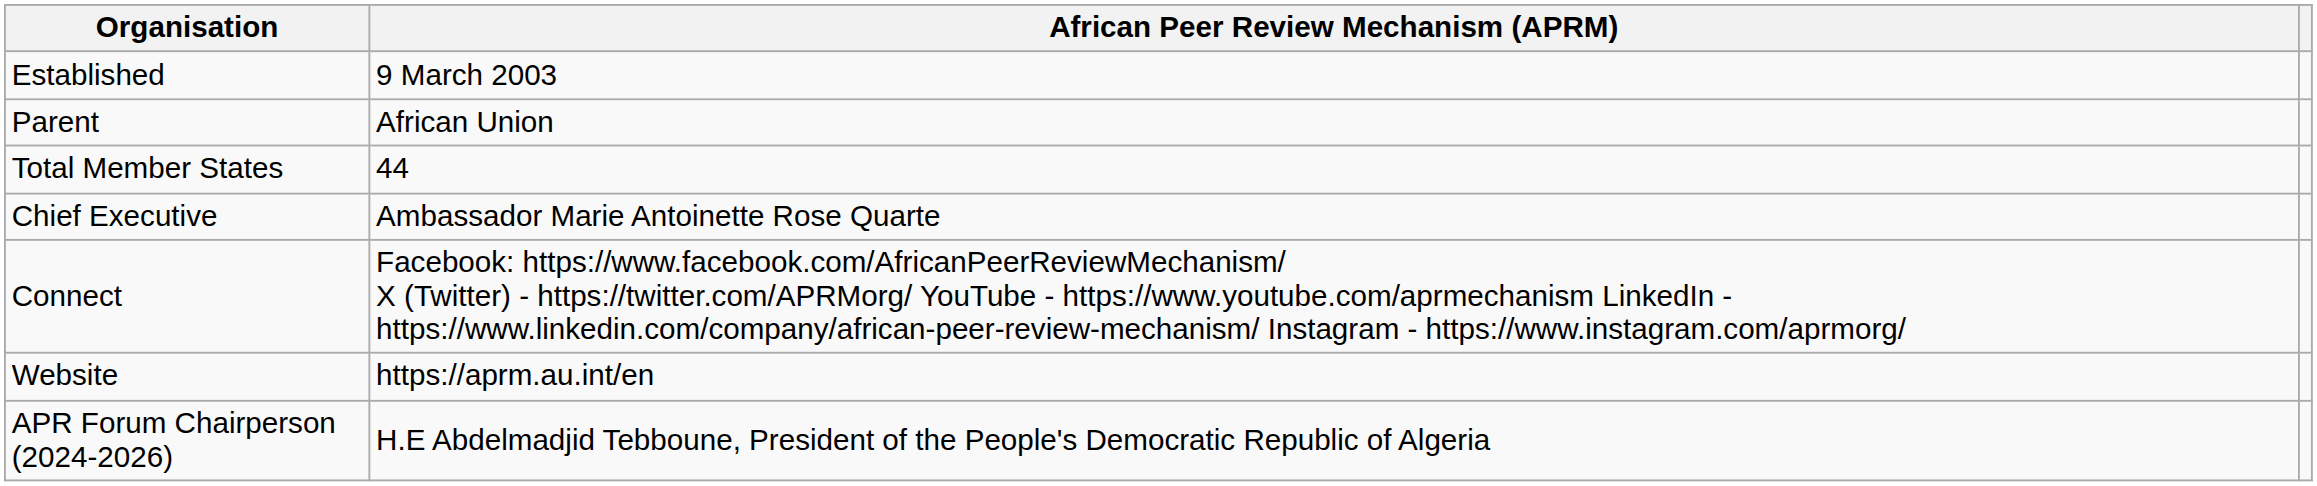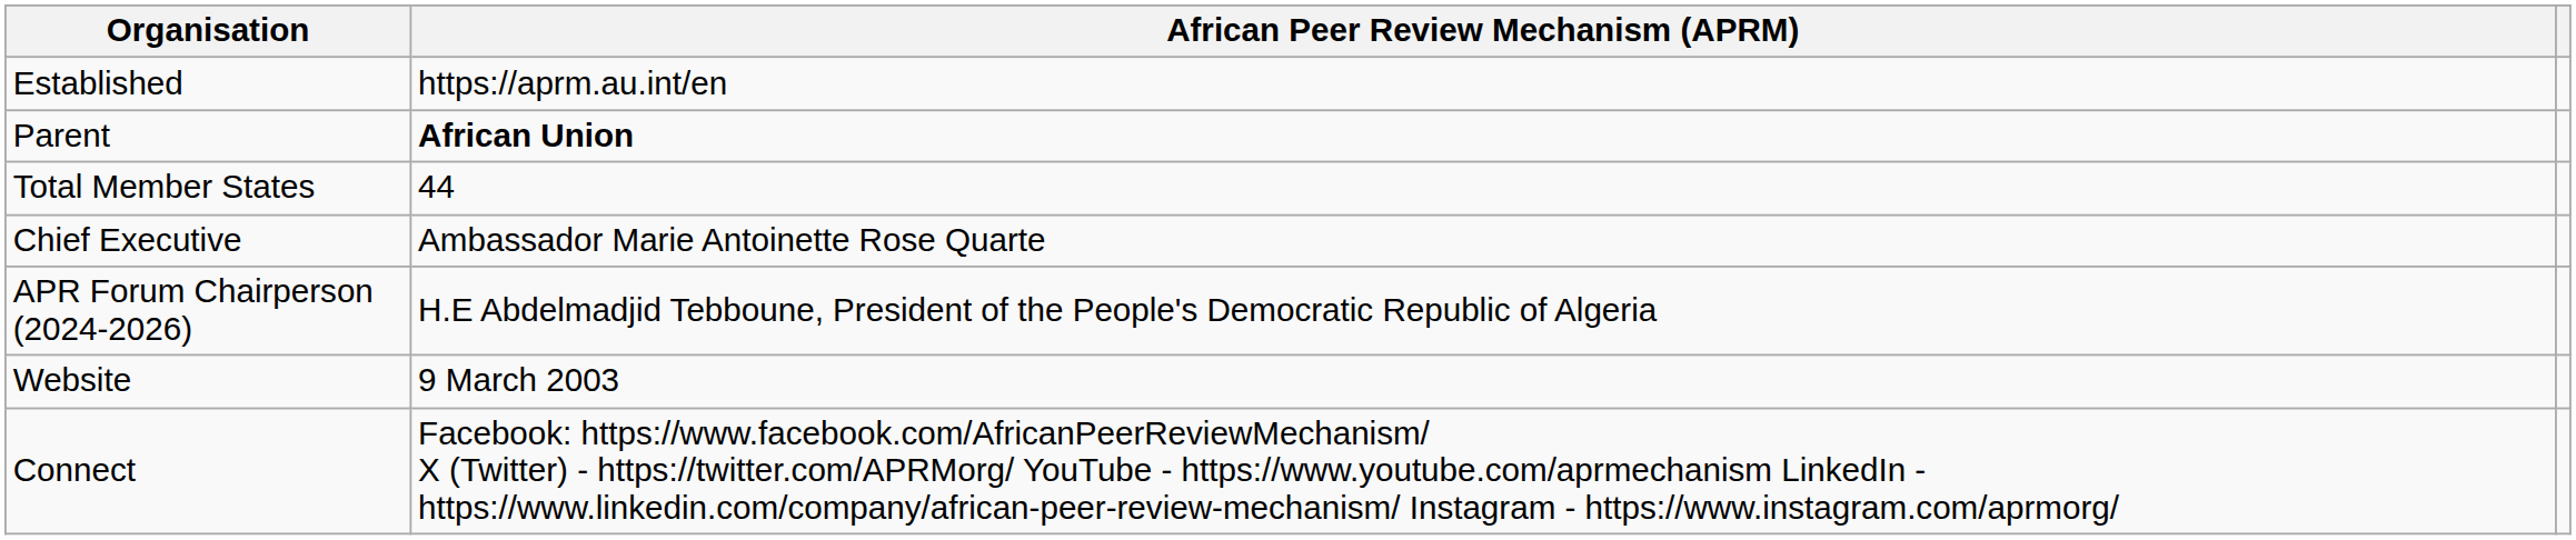 <table class="wikitable">
 <tr>
 <th>Organisation</th>
 <th>African Peer Review Mechanism (APRM)</th>
 <th></th>
 </tr>
 <tr>
 <td>Established</td>
-<td>9 March 2003</td>
+<td>https://aprm.au.int/en</td>
 <td></td>
 </tr>
 <tr>
 <td>Parent</td>
-<td>African Union</td>
+<td><strong>African Union</strong></td>
 <td></td>
 </tr>
 <tr>
 <td>Total Member States</td>
 <td>44</td>
 <td></td>
 </tr>
 <tr>
 <td>Chief Executive</td>
 <td>Ambassador Marie Antoinette Rose Quarte</td>
 <td></td>
 </tr>
 <tr>
+<td>APR Forum Chairperson (2024-2026)</td>
+<td>H.E Abdelmadjid Tebboune, President of the People's Democratic Republic of Algeria</td>
+<td></td>
+</tr>
+<tr>
+<td>Website</td>
+<td>9 March 2003</td>
+<td></td>
+</tr>
+<tr>
 <td>Connect</td>
 <td>Facebook: https://www.facebook.com/AfricanPeerReviewMechanism/<br>X (Twitter) - https://twitter.com/APRMorg/ YouTube - https://www.youtube.com/aprmechanism LinkedIn - https://www.linkedin.com/company/african-peer-review-mechanism/ Instagram - https://www.instagram.com/aprmorg/</td>
 <td></td>
 </tr>
-<tr>
-<td>Website</td>
-<td>https://aprm.au.int/en</td>
-<td></td>
-</tr>
-<tr>
-<td>APR Forum Chairperson (2024-2026)</td>
-<td>H.E Abdelmadjid Tebboune, President of the People's Democratic Republic of Algeria</td>
-<td></td>
-</tr>
 </table>
